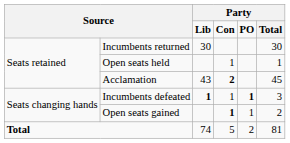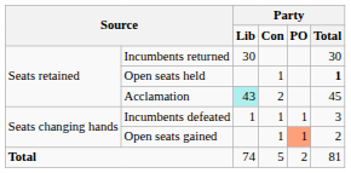 <table class="wikitable" style="text-align:right;">
 <tr>
 <th colspan="2" rowspan="2">Source</th>
 <th colspan="4">Party</th>
 </tr>
 <tr>
 <td><strong>Lib</strong></td>
 <td><strong>Con</strong></td>
 <td><strong>PO</strong></td>
 <th>Total</th>
 </tr>
 <tr>
 <td rowspan="3" style="text-align:left;">Seats retained</td>
 <td style="text-align:left;">Incumbents returned</td>
 <td>30</td>
 <td></td>
 <td></td>
 <td>30</td>
 </tr>
 <tr>
 <td style="text-align:left;">Open seats held</td>
 <td></td>
 <td>1</td>
 <td></td>
-<td>1</td>
+<td><strong>1</strong></td>
 </tr>
 <tr>
 <td style="text-align:left;">Acclamation</td>
-<td>43</td>
-<td><strong>2</strong></td>
+<td style="background: paleturquoise;">43</td>
+<td>2</td>
 <td></td>
 <td>45</td>
 </tr>
 <tr>
 <td rowspan="2" style="text-align:left;">Seats changing hands</td>
 <td style="text-align:left;">Incumbents defeated</td>
-<td><strong>1</strong></td>
 <td>1</td>
-<td><strong>1</strong></td>
+<td>1</td>
+<td>1</td>
 <td>3</td>
 </tr>
 <tr>
 <td style="text-align:left;">Open seats gained</td>
 <td></td>
-<td><strong>1</strong></td>
 <td>1</td>
+<td style="background: lightsalmon;">1</td>
 <td>2</td>
 </tr>
 <tr>
 <td colspan="2" style="text-align:left;"><strong>Total</strong></td>
 <td>74</td>
 <td>5</td>
 <td>2</td>
 <td>81</td>
 </tr>
 </table>
